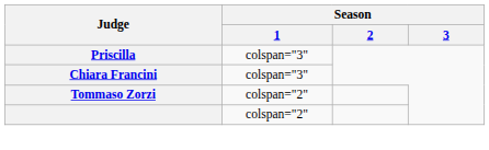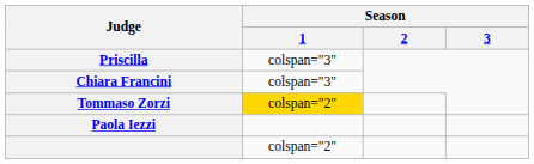 <table class="wikitable plainrowheaders" style="text-align:center">
 <tr>
 <th rowspan="2" style="width:20%;" scope="col">Judge</th>
 <th colspan="3">Season</th>
 </tr>
 <tr>
 <th style="width:7%;" scope="colspan"><a href='#'>1</a></th>
 <th style="width:7%;" scope="colspan"><a href='#'>2</a></th>
 <th style="width:7%;" scope="colspan"><a href='#'>3</a></th>
 </tr>
 <tr>
 <th scope="row" style="text-align: center;"><a href='#'>Priscilla</a></th>
 <td>colspan="3" </td>
 </tr>
 <tr>
 <th scope="row" style="text-align: center;"><a href='#'>Chiara Francini</a></th>
 <td>colspan="3" </td>
 </tr>
 <tr>
 <th scope="row" style="text-align: center;"><a href='#'>Tommaso Zorzi</a></th>
-<td>colspan="2" </td>
+<td style="background: gold;">colspan="2" </td>
+<td></td>
+</tr>
+<tr>
+<th scope="row" style="text-align: center;"><a href='#'>Paola Iezzi</a></th>
+<td></td>
+<td></td>
 <td></td>
 </tr>
 <tr>
 <th scope="row" style="text-align: center;"></th>
 <td>colspan="2" </td>
 <td></td>
 </tr>
 </table>
